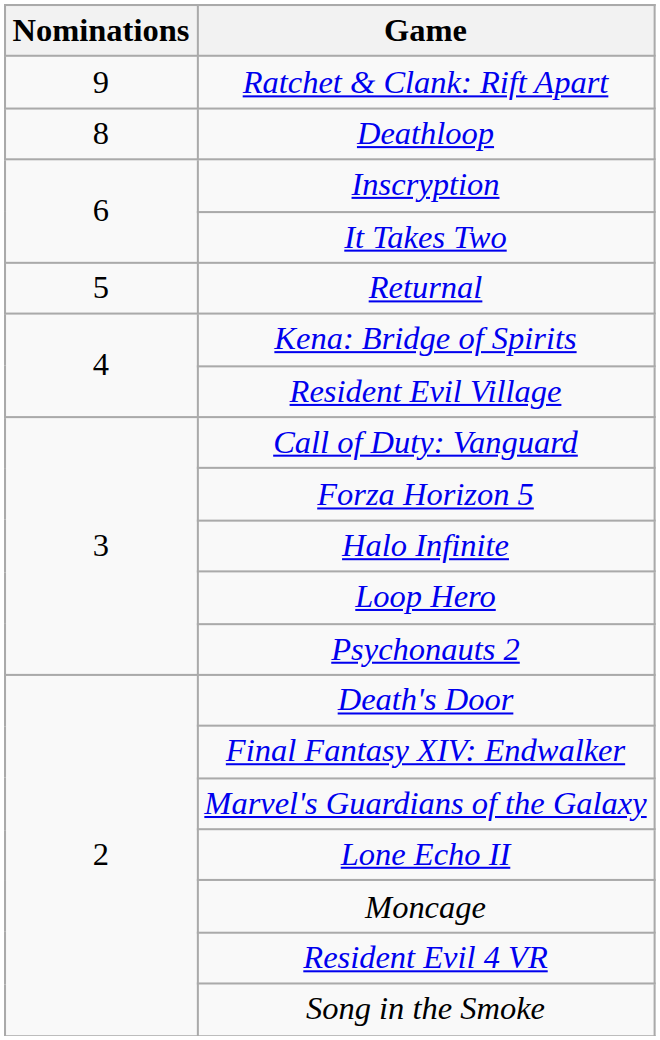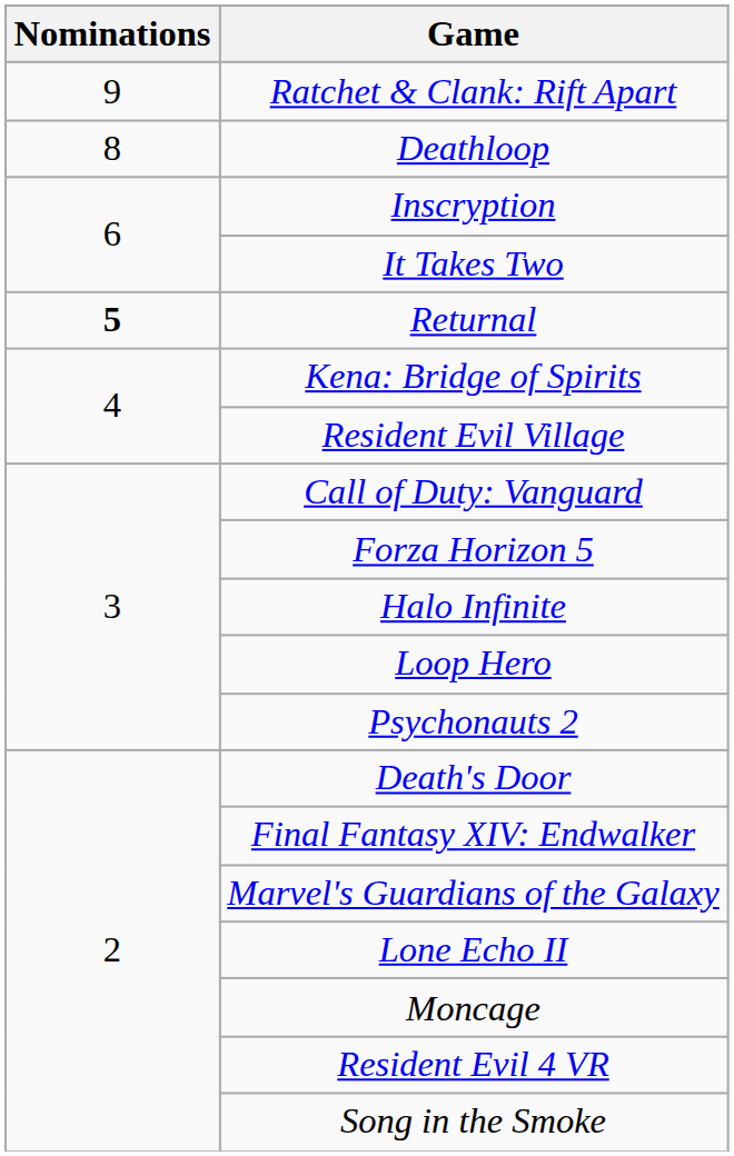 <table class="wikitable floatleft" rowspan="2" style="text-align:center;" background: #f6e39c;>
 <tr>
 <th scope="col">Nominations</th>
 <th scope="col">Game</th>
 </tr>
 <tr>
 <td>9</td>
 <td><em><a href='#'>Ratchet & Clank: Rift Apart</a></em></td>
 </tr>
 <tr>
 <td>8</td>
 <td><em><a href='#'>Deathloop</a></em></td>
 </tr>
 <tr>
 <td rowspan=2>6</td>
 <td><em><a href='#'>Inscryption</a></em></td>
 </tr>
 <tr>
 <td><em><a href='#'>It Takes Two</a></em></td>
 </tr>
 <tr>
-<td>5</td>
+<td><strong>5</strong></td>
 <td><em><a href='#'>Returnal</a></em></td>
 </tr>
 <tr>
 <td rowspan=2>4</td>
 <td><em><a href='#'>Kena: Bridge of Spirits</a></em></td>
 </tr>
 <tr>
 <td><em><a href='#'>Resident Evil Village</a></em></td>
 </tr>
 <tr>
 <td rowspan=5>3</td>
 <td><em><a href='#'>Call of Duty: Vanguard</a></em></td>
 </tr>
 <tr>
 <td><em><a href='#'>Forza Horizon 5</a></em></td>
 </tr>
 <tr>
 <td><em><a href='#'>Halo Infinite</a></em></td>
 </tr>
 <tr>
 <td><em><a href='#'>Loop Hero</a></em></td>
 </tr>
 <tr>
 <td><em><a href='#'>Psychonauts 2</a></em></td>
 </tr>
 <tr>
 <td rowspan=7>2</td>
 <td><em><a href='#'>Death's Door</a></em></td>
 </tr>
 <tr>
 <td><em><a href='#'>Final Fantasy XIV: Endwalker</a></em></td>
 </tr>
 <tr>
 <td><em><a href='#'>Marvel's Guardians of the Galaxy</a></em></td>
 </tr>
 <tr>
 <td><em><a href='#'>Lone Echo II</a></em></td>
 </tr>
 <tr>
 <td><em>Moncage</em></td>
 </tr>
 <tr>
 <td><em><a href='#'>Resident Evil 4 VR</a></em></td>
 </tr>
 <tr>
 <td><em>Song in the Smoke</em></td>
 </tr>
 </table>
